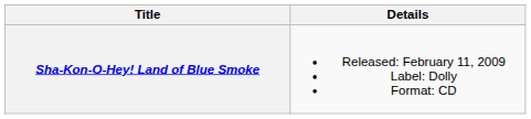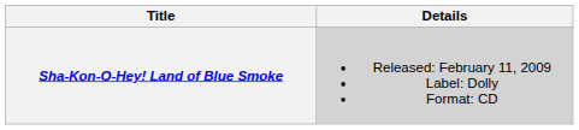 <table class="wikitable plainrowheaders" style="text-align:center;">
 <tr>
 <th style="width:22em;">Title</th>
 <th style="width:18em;">Details</th>
 </tr>
 <tr>
 <th scope="row"><em><a href='#'>Sha-Kon-O-Hey! Land of Blue Smoke</a></em></th>
-<td><br><ul><li>Released: February 11, 2009</li><li>Label: Dolly</li><li>Format: CD</li></ul></td>
+<td style="background: lightgrey;"><br><ul><li>Released: February 11, 2009</li><li>Label: Dolly</li><li>Format: CD</li></ul></td>
 </tr>
 </table>
